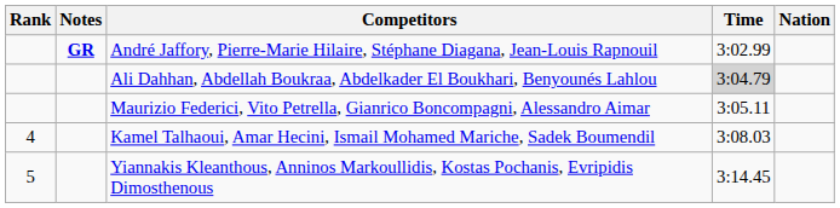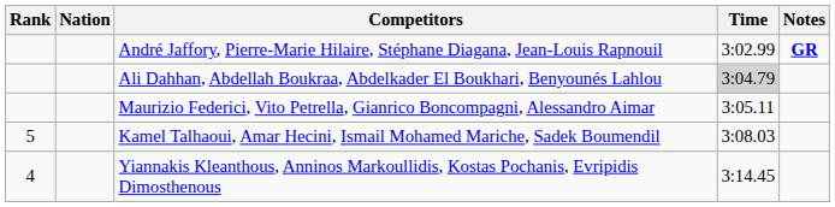 <table class="wikitable sortable" width=80% style="text-align:center; font-size:95%">
 <tr>
 <th>Rank</th>
-<th>Notes</th>
+<th>Nation</th>
 <th>Competitors</th>
 <th>Time</th>
-<th>Nation</th>
+<th>Notes</th>
 </tr>
 <tr>
 <td></td>
-<td><strong><a href='#'>GR</a></strong></td>
+<td align=left></td>
 <td align=left><a href='#'>André Jaffory</a>, <a href='#'>Pierre-Marie Hilaire</a>, <a href='#'>Stéphane Diagana</a>, <a href='#'>Jean-Louis Rapnouil</a></td>
 <td>3:02.99</td>
-<td align=left></td>
+<td><strong><a href='#'>GR</a></strong></td>
 </tr>
 <tr>
 <td></td>
-<td></td>
+<td align=left></td>
 <td align=left><a href='#'>Ali Dahhan</a>, <a href='#'>Abdellah Boukraa</a>, <a href='#'>Abdelkader El Boukhari</a>, <a href='#'>Benyounés Lahlou</a></td>
 <td style="background: lightgrey;">3:04.79</td>
-<td align=left></td>
+<td></td>
 </tr>
 <tr>
 <td></td>
-<td></td>
+<td align=left></td>
 <td align=left><a href='#'>Maurizio Federici</a>, <a href='#'>Vito Petrella</a>, <a href='#'>Gianrico Boncompagni</a>, <a href='#'>Alessandro Aimar</a></td>
 <td>3:05.11</td>
+<td></td>
+</tr>
+<tr>
+<td>5</td>
 <td align=left></td>
+<td align=left><a href='#'>Kamel Talhaoui</a>, <a href='#'>Amar Hecini</a>, <a href='#'>Ismail Mohamed Mariche</a>, <a href='#'>Sadek Boumendil</a></td>
+<td>3:08.03</td>
+<td></td>
 </tr>
 <tr>
 <td>4</td>
-<td></td>
-<td align=left><a href='#'>Kamel Talhaoui</a>, <a href='#'>Amar Hecini</a>, <a href='#'>Ismail Mohamed Mariche</a>, <a href='#'>Sadek Boumendil</a></td>
-<td>3:08.03</td>
 <td align=left></td>
-</tr>
-<tr>
-<td>5</td>
-<td></td>
 <td align=left><a href='#'>Yiannakis Kleanthous</a>, <a href='#'>Anninos Markoullidis</a>, <a href='#'>Kostas Pochanis</a>, <a href='#'>Evripidis Dimosthenous</a></td>
 <td>3:14.45</td>
-<td align=left></td>
+<td></td>
 </tr>
 </table>
